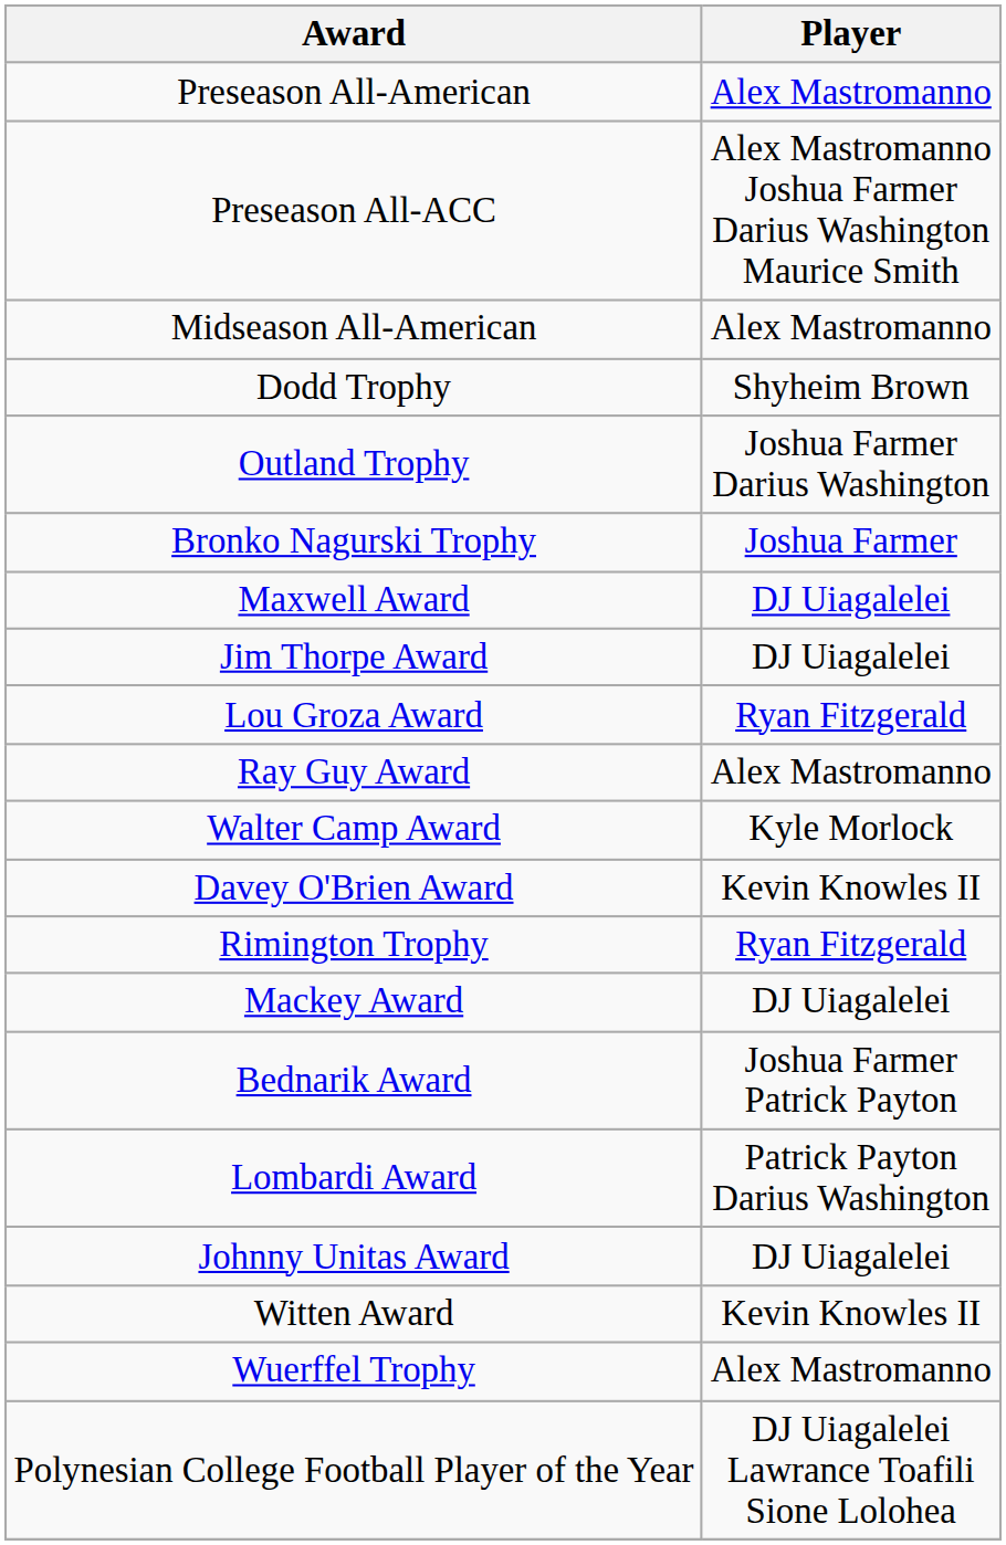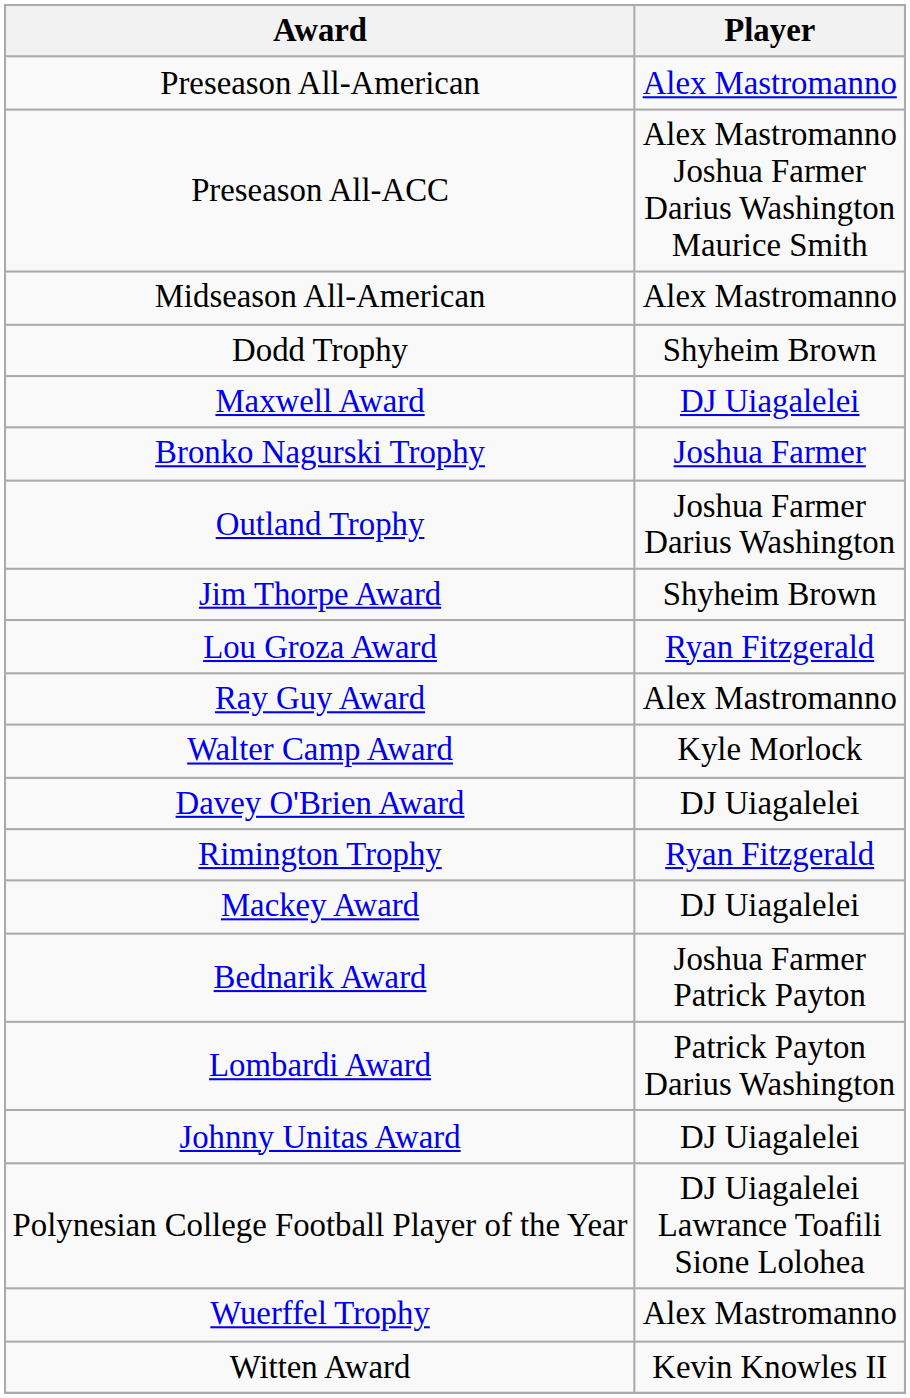 <table class="wikitable" style="text-align:center;">
 <tr>
 <th>Award</th>
 <th>Player</th>
 </tr>
 <tr>
 <td>Preseason All-American</td>
 <td><a href='#'>Alex Mastromanno</a></td>
 </tr>
 <tr>
 <td>Preseason All-ACC</td>
 <td>Alex Mastromanno<br>Joshua Farmer<br>Darius Washington<br>Maurice Smith</td>
 </tr>
 <tr>
 <td>Midseason All-American</td>
 <td>Alex Mastromanno</td>
 </tr>
 <tr>
 <td>Dodd Trophy</td>
 <td>Shyheim Brown</td>
 </tr>
 <tr>
-<td><a href='#'>Outland Trophy</a></td>
-<td>Joshua Farmer<br>Darius Washington</td>
+<td><a href='#'>Maxwell Award</a></td>
+<td><a href='#'>DJ Uiagalelei</a></td>
 </tr>
 <tr>
 <td><a href='#'>Bronko Nagurski Trophy</a></td>
 <td><a href='#'>Joshua Farmer</a></td>
 </tr>
 <tr>
-<td><a href='#'>Maxwell Award</a></td>
-<td><a href='#'>DJ Uiagalelei</a></td>
+<td><a href='#'>Outland Trophy</a></td>
+<td>Joshua Farmer<br>Darius Washington</td>
 </tr>
 <tr>
 <td><a href='#'>Jim Thorpe Award</a></td>
-<td>DJ Uiagalelei</td>
+<td>Shyheim Brown</td>
 </tr>
 <tr>
 <td><a href='#'>Lou Groza Award</a></td>
 <td><a href='#'>Ryan Fitzgerald</a></td>
 </tr>
 <tr>
 <td><a href='#'>Ray Guy Award</a></td>
 <td>Alex Mastromanno</td>
 </tr>
 <tr>
 <td><a href='#'>Walter Camp Award</a></td>
 <td>Kyle Morlock</td>
 </tr>
 <tr>
 <td><a href='#'>Davey O'Brien Award</a></td>
-<td>Kevin Knowles II</td>
+<td>DJ Uiagalelei</td>
 </tr>
 <tr>
 <td><a href='#'>Rimington Trophy</a></td>
 <td><a href='#'>Ryan Fitzgerald</a></td>
 </tr>
 <tr>
 <td><a href='#'>Mackey Award</a></td>
 <td>DJ Uiagalelei</td>
 </tr>
 <tr>
 <td><a href='#'>Bednarik Award</a></td>
 <td>Joshua Farmer<br>Patrick Payton</td>
 </tr>
 <tr>
 <td><a href='#'>Lombardi Award</a></td>
 <td>Patrick Payton<br>Darius Washington</td>
 </tr>
 <tr>
 <td><a href='#'>Johnny Unitas Award</a></td>
 <td>DJ Uiagalelei</td>
 </tr>
 <tr>
-<td>Witten Award</td>
-<td>Kevin Knowles II</td>
+<td>Polynesian College Football Player of the Year</td>
+<td>DJ Uiagalelei<br>Lawrance Toafili<br>Sione Lolohea</td>
 </tr>
 <tr>
 <td><a href='#'>Wuerffel Trophy</a></td>
 <td>Alex Mastromanno</td>
 </tr>
 <tr>
-<td>Polynesian College Football Player of the Year</td>
-<td>DJ Uiagalelei<br>Lawrance Toafili<br>Sione Lolohea</td>
+<td>Witten Award</td>
+<td>Kevin Knowles II</td>
 </tr>
 <tr>
 </tr>
 </table>
